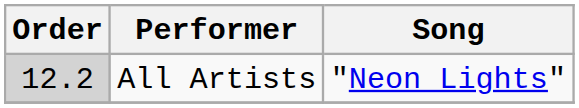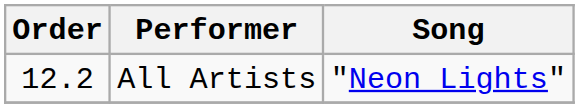 <table class="wikitable" style="text-align:center;">
 <tr>
 <th>Order</th>
 <th>Performer</th>
 <th>Song</th>
 </tr>
 <tr>
-<td style="background: lightgrey;">12.2</td>
+<td>12.2</td>
 <td>All Artists</td>
 <td>"<a href='#'>Neon Lights</a>"</td>
 </tr>
 <tr>
 </tr>
 </table>
